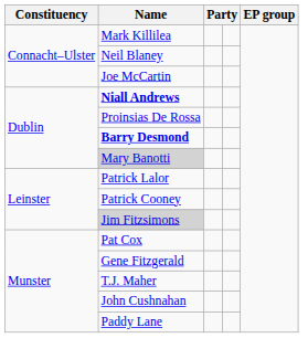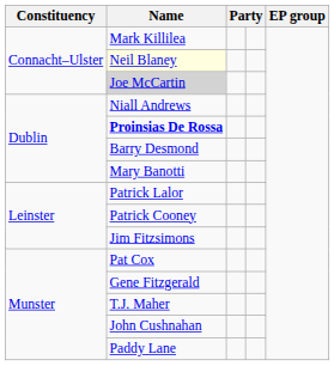 <table class=wikitable>
 <tr>
 <th>Constituency</th>
 <th>Name</th>
 <th colspan=2>Party</th>
 <th colspan=2>EP group</th>
 </tr>
 <tr>
 <td rowspan=3><a href='#'>Connacht–Ulster</a></td>
 <td><a href='#'>Mark Killilea</a></td>
 <td></td>
 <td></td>
 </tr>
 <tr>
-<td><a href='#'>Neil Blaney</a></td>
+<td style="background: lightyellow;"><a href='#'>Neil Blaney</a></td>
 <td></td>
 <td></td>
 </tr>
 <tr>
-<td><a href='#'>Joe McCartin</a></td>
+<td style="background: lightgrey;"><a href='#'>Joe McCartin</a></td>
 <td></td>
 <td></td>
 </tr>
 <tr>
 <td rowspan=4><a href='#'>Dublin</a></td>
-<td><strong><a href='#'>Niall Andrews</a></strong></td>
+<td><a href='#'>Niall Andrews</a></td>
 <td></td>
 <td></td>
 </tr>
 <tr>
-<td><a href='#'>Proinsias De Rossa</a></td>
+<td><strong><a href='#'>Proinsias De Rossa</a></strong></td>
 <td></td>
 <td></td>
 </tr>
 <tr>
-<td><strong><a href='#'>Barry Desmond</a></strong></td>
+<td><a href='#'>Barry Desmond</a></td>
 <td></td>
 <td></td>
 </tr>
 <tr>
-<td style="background: lightgrey;"><a href='#'>Mary Banotti</a></td>
+<td><a href='#'>Mary Banotti</a></td>
 <td></td>
 <td></td>
 </tr>
 <tr>
 <td rowspan=3><a href='#'>Leinster</a></td>
 <td><a href='#'>Patrick Lalor</a></td>
 <td></td>
 <td></td>
 </tr>
 <tr>
 <td><a href='#'>Patrick Cooney</a></td>
 <td></td>
 <td></td>
 </tr>
 <tr>
-<td style="background: lightgrey;"><a href='#'>Jim Fitzsimons</a></td>
+<td><a href='#'>Jim Fitzsimons</a></td>
 <td></td>
 <td></td>
 </tr>
 <tr>
 <td rowspan=5><a href='#'>Munster</a></td>
 <td><a href='#'>Pat Cox</a></td>
 <td></td>
 <td></td>
 </tr>
 <tr>
 <td><a href='#'>Gene Fitzgerald</a></td>
 <td></td>
 <td></td>
 </tr>
 <tr>
 <td><a href='#'>T.J. Maher</a></td>
 <td></td>
 <td></td>
 </tr>
 <tr>
 <td><a href='#'>John Cushnahan</a></td>
 <td></td>
 <td></td>
 </tr>
 <tr>
 <td><a href='#'>Paddy Lane</a></td>
 <td></td>
 <td></td>
 </tr>
 </table>
